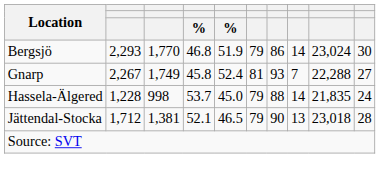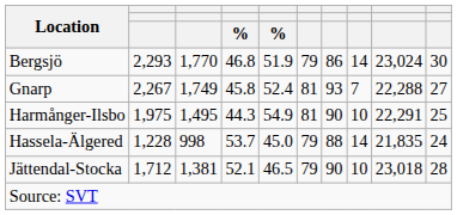 <table role="presentation" class="wikitable sortable mw-collapsible mw-collapsed">
 <tr>
 <th rowspan="3">Location</th>
 <th></th>
 <th></th>
 <th></th>
 <th></th>
 <th></th>
 <th></th>
 <th></th>
 <th></th>
 <th></th>
 </tr>
 <tr>
 <th></th>
 <th></th>
 <th style="background:"></th>
 <th style="background:"></th>
 <th></th>
 <th></th>
 <th></th>
 <th></th>
 <th></th>
 </tr>
 <tr>
 <th data-sort-type="number"></th>
 <th data-sort-type="number"></th>
 <th data-sort-type="number">%</th>
 <th data-sort-type="number">%</th>
 <th data-sort-type="number"></th>
 <th data-sort-type="number"></th>
 <th data-sort-type="number"></th>
 <th data-sort-type="number"></th>
 <th data-sort-type="number"></th>
 </tr>
 <tr>
 <td align="left">Bergsjö</td>
 <td>2,293</td>
 <td>1,770</td>
 <td>46.8</td>
 <td>51.9</td>
 <td>79</td>
 <td>86</td>
 <td>14</td>
 <td>23,024</td>
 <td>30</td>
 </tr>
 <tr>
 <td align="left">Gnarp</td>
 <td>2,267</td>
 <td>1,749</td>
 <td>45.8</td>
 <td>52.4</td>
 <td>81</td>
 <td>93</td>
 <td>7</td>
 <td>22,288</td>
 <td>27</td>
 </tr>
 <tr>
+<td align="left">Harmånger-Ilsbo</td>
+<td>1,975</td>
+<td>1,495</td>
+<td>44.3</td>
+<td>54.9</td>
+<td>81</td>
+<td>90</td>
+<td>10</td>
+<td>22,291</td>
+<td>25</td>
+</tr>
+<tr>
 <td align="left">Hassela-Älgered</td>
 <td>1,228</td>
 <td>998</td>
 <td>53.7</td>
 <td>45.0</td>
 <td>79</td>
 <td>88</td>
 <td>14</td>
 <td>21,835</td>
 <td>24</td>
 </tr>
 <tr>
 <td align="left">Jättendal-Stocka</td>
 <td>1,712</td>
 <td>1,381</td>
 <td>52.1</td>
 <td>46.5</td>
 <td>79</td>
 <td>90</td>
-<td>13</td>
+<td>10</td>
 <td>23,018</td>
 <td>28</td>
 </tr>
 <tr>
 <td colspan="10" align="left">Source: <a href='#'>SVT</a></td>
 </tr>
 </table>
